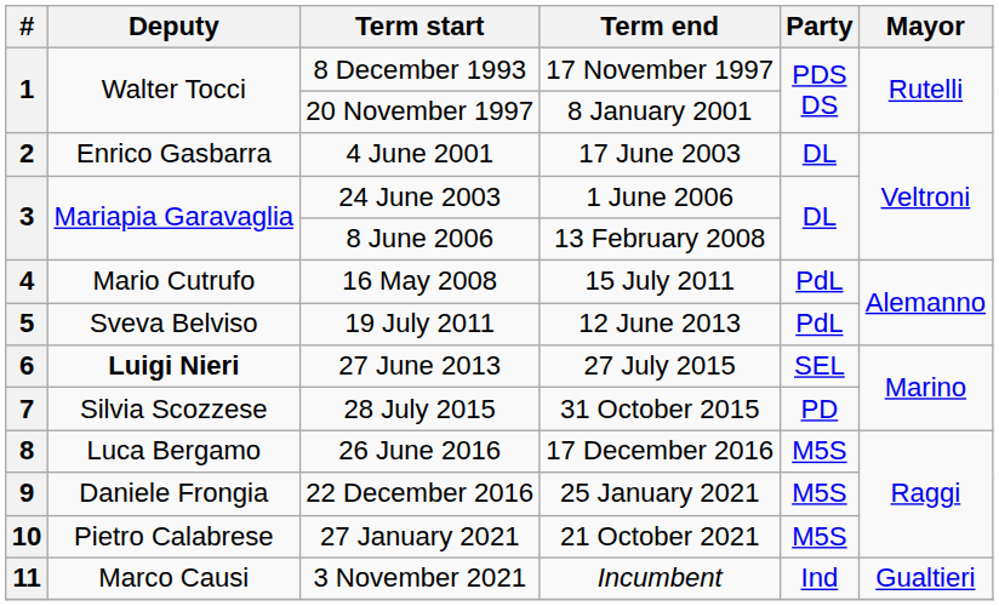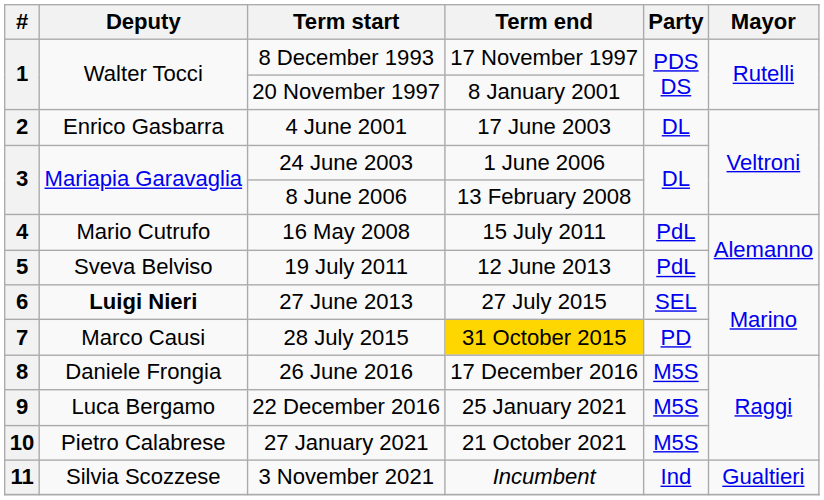 <table class="wikitable" style="text-align: center;">
 <tr>
 <th>#</th>
 <th>Deputy</th>
 <th>Term start</th>
 <th>Term end</th>
 <th>Party</th>
 <th>Mayor</th>
 </tr>
 <tr>
 <th rowspan=2 style="background:">1</th>
 <td rowspan=2>Walter Tocci</td>
 <td>8 December 1993</td>
 <td>17 November 1997</td>
 <td rowspan=2><a href='#'>PDS</a><br><a href='#'>DS</a></td>
 <td rowspan=2><a href='#'>Rutelli</a></td>
 </tr>
 <tr>
 <td>20 November 1997</td>
 <td>8 January 2001</td>
 </tr>
 <tr>
 <th style="background:">2</th>
 <td>Enrico Gasbarra</td>
 <td>4 June 2001</td>
 <td>17 June 2003</td>
 <td><a href='#'>DL</a></td>
 <td rowspan=3><a href='#'>Veltroni</a></td>
 </tr>
 <tr>
 <th rowspan=2 style="background:">3</th>
 <td rowspan=2><a href='#'>Mariapia Garavaglia</a></td>
 <td>24 June 2003</td>
 <td>1 June 2006</td>
 <td rowspan=2><a href='#'>DL</a></td>
 </tr>
 <tr>
 <td>8 June 2006</td>
 <td>13 February 2008</td>
 </tr>
 <tr>
 <th style="background:">4</th>
 <td>Mario Cutrufo</td>
 <td>16 May 2008</td>
 <td>15 July 2011</td>
 <td><a href='#'>PdL</a></td>
 <td rowspan=2><a href='#'>Alemanno</a></td>
 </tr>
 <tr>
 <th style="background:">5</th>
 <td>Sveva Belviso</td>
 <td>19 July 2011</td>
 <td>12 June 2013</td>
 <td><a href='#'>PdL</a></td>
 </tr>
 <tr>
 <th style="background:">6</th>
 <td><strong>Luigi Nieri</strong></td>
 <td>27 June 2013</td>
 <td>27 July 2015</td>
 <td><a href='#'>SEL</a></td>
 <td rowspan=2><a href='#'>Marino</a></td>
 </tr>
 <tr>
 <th style="background:">7</th>
-<td>Silvia Scozzese</td>
+<td>Marco Causi</td>
 <td>28 July 2015</td>
-<td>31 October 2015</td>
+<td style="background: gold;">31 October 2015</td>
 <td><a href='#'>PD</a></td>
 </tr>
 <tr>
 <th style="background:">8</th>
-<td>Luca Bergamo</td>
+<td>Daniele Frongia</td>
 <td>26 June 2016</td>
 <td>17 December 2016</td>
 <td><a href='#'>M5S</a></td>
 <td rowspan=3><a href='#'>Raggi</a></td>
 </tr>
 <tr>
 <th style="background:">9</th>
-<td>Daniele Frongia</td>
+<td>Luca Bergamo</td>
 <td>22 December 2016</td>
 <td>25 January 2021</td>
 <td><a href='#'>M5S</a></td>
 </tr>
 <tr>
 <th style="background:">10</th>
 <td>Pietro Calabrese</td>
 <td>27 January 2021</td>
 <td>21 October 2021</td>
 <td><a href='#'>M5S</a></td>
 </tr>
 <tr>
 <th style="background:">11</th>
-<td>Marco Causi</td>
+<td>Silvia Scozzese</td>
 <td>3 November 2021</td>
 <td><em>Incumbent</em></td>
 <td><a href='#'>Ind</a></td>
 <td><a href='#'>Gualtieri</a></td>
 </tr>
 <tr>
 </tr>
 </table>
